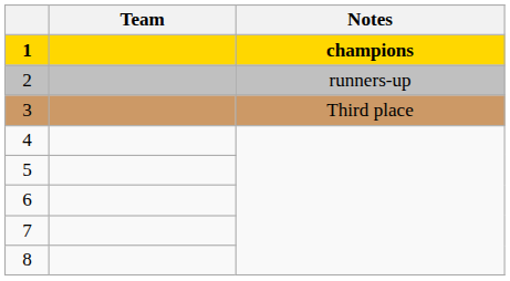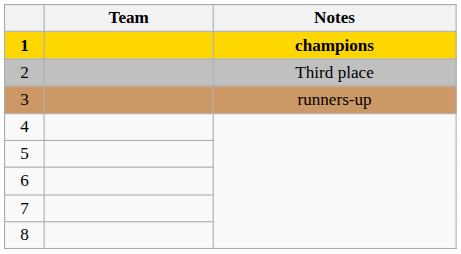 <table class="wikitable" style="text-align: center; font-size: 100%;">
 <tr>
 <th width="30"></th>
 <th width="150">Team</th>
 <th width="220">Notes</th>
 </tr>
 <tr style="background-color: gold;">
 <td><strong>1</strong></td>
 <td align=left><strong></strong></td>
 <td><strong>champions</strong></td>
 </tr>
 <tr style="background-color: silver;">
 <td>2</td>
 <td align=left></td>
-<td>runners-up</td>
+<td>Third place</td>
 </tr>
 <tr style="background-color: #C96;">
 <td>3</td>
 <td align=left></td>
-<td>Third place</td>
+<td>runners-up</td>
 </tr>
 <tr>
 <td>4</td>
 <td align=left></td>
 <td rowspan=5></td>
 </tr>
 <tr>
 <td>5</td>
 <td align=left></td>
 </tr>
 <tr>
 <td>6</td>
 <td align=left></td>
 </tr>
 <tr>
 <td>7</td>
 <td align=left></td>
 </tr>
 <tr>
 <td>8</td>
 <td align=left></td>
 </tr>
 </table>
